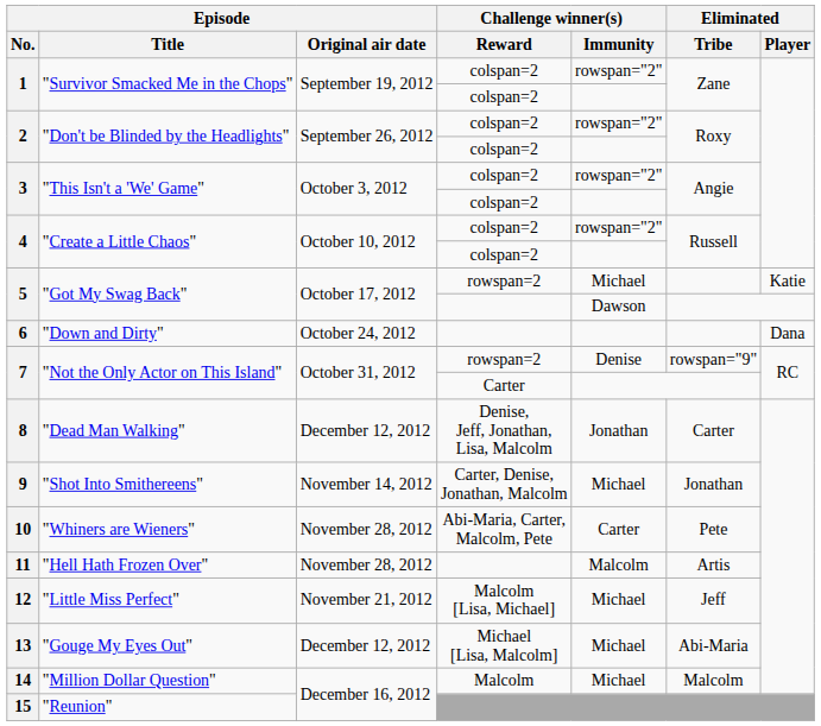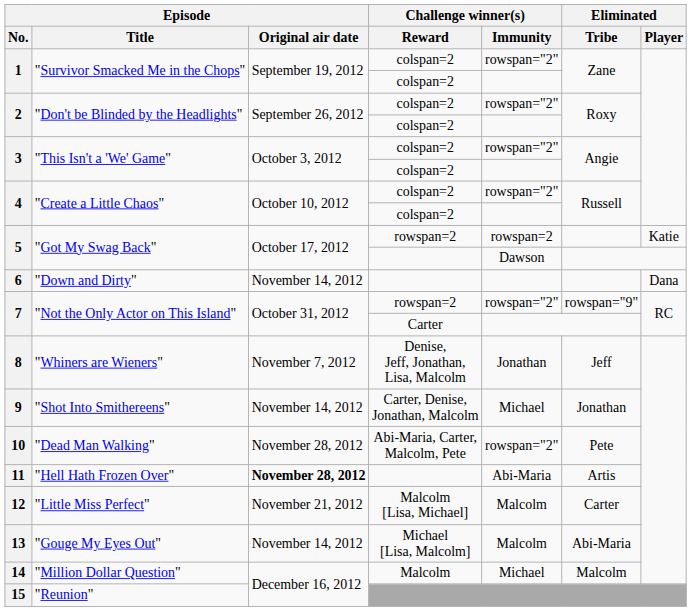 <table class="wikitable" style="margin:auto; text-align:center">
 <tr>
 <th colspan=3>Episode</th>
 <th colspan=2>Challenge winner(s)</th>
 <th colspan="2">Eliminated</th>
 </tr>
 <tr>
 <th>No.</th>
 <th>Title</th>
 <th>Original air date</th>
 <th>Reward</th>
 <th>Immunity</th>
 <th>Tribe</th>
 <th>Player</th>
 </tr>
 <tr>
 <th rowspan="2">1</th>
 <td rowspan="2" style="text-align:left;">"<a href='#'>Survivor Smacked Me in the Chops</a>"</td>
 <td rowspan="2" style="text-align:left;">September 19, 2012</td>
 <td>colspan=2 </td>
 <td>rowspan="2" </td>
 <td rowspan=2>Zane</td>
 </tr>
 <tr>
 <td>colspan=2 </td>
 </tr>
 <tr>
 <th rowspan="2">2</th>
 <td rowspan="2" style="text-align:left;">"<a href='#'>Don't be Blinded by the Headlights</a>"</td>
 <td rowspan="2" style="text-align:left;">September 26, 2012</td>
 <td>colspan=2 </td>
 <td>rowspan="2" </td>
 <td rowspan=2>Roxy</td>
 </tr>
 <tr>
 <td>colspan=2 </td>
 </tr>
 <tr>
 <th rowspan="2">3</th>
 <td rowspan="2" style="text-align:left;">"<a href='#'>This Isn't a 'We' Game</a>"</td>
 <td rowspan="2" style="text-align:left;">October 3, 2012</td>
 <td>colspan=2 </td>
 <td>rowspan="2" </td>
 <td rowspan=2>Angie</td>
 </tr>
 <tr>
 <td>colspan=2 </td>
 </tr>
 <tr>
 <th rowspan="2">4</th>
 <td rowspan="2" style="text-align:left;">"<a href='#'>Create a Little Chaos</a>"</td>
 <td rowspan="2" style="text-align:left;">October 10, 2012</td>
 <td>colspan=2 </td>
 <td>rowspan="2" </td>
 <td rowspan=2>Russell</td>
 </tr>
 <tr>
 <td>colspan=2 </td>
 </tr>
 <tr>
 <th rowspan="2">5</th>
 <td rowspan="2" style="text-align:left;">"<a href='#'>Got My Swag Back</a>"</td>
 <td rowspan="2" style="text-align:left;">October 17, 2012</td>
 <td>rowspan=2 </td>
-<td>Michael</td>
+<td>rowspan=2 </td>
 <td></td>
 <td>Katie</td>
 </tr>
 <tr>
 <td></td>
 <td>Dawson</td>
 </tr>
 <tr>
 <th>6</th>
 <td align="left">"<a href='#'>Down and Dirty</a>"</td>
-<td align="left">October 24, 2012</td>
+<td align="left">November 14, 2012</td>
 <td></td>
 <td></td>
 <td></td>
 <td>Dana</td>
 </tr>
 <tr>
 <th rowspan="2">7</th>
 <td rowspan="2" style="text-align:left;">"<a href='#'>Not the Only Actor on This Island</a>"</td>
 <td rowspan="2" style="text-align:left;">October 31, 2012</td>
 <td>rowspan=2 </td>
-<td>Denise</td>
+<td>rowspan="2" </td>
 <td>rowspan="9" </td>
 <td rowspan=2>RC</td>
 </tr>
 <tr>
 <td>Carter</td>
 </tr>
 <tr>
 <th>8</th>
-<td align="left">"<a href='#'>Dead Man Walking</a>"</td>
-<td align="left">December 12, 2012</td>
+<td align="left">"<a href='#'>Whiners are Wieners</a>"</td>
+<td align="left">November 7, 2012</td>
 <td>Denise,<br>Jeff, Jonathan,<br>Lisa, Malcolm</td>
 <td>Jonathan</td>
-<td>Carter</td>
+<td>Jeff</td>
 </tr>
 <tr>
 <th>9</th>
 <td align="left">"<a href='#'>Shot Into Smithereens</a>"</td>
 <td align="left">November 14, 2012</td>
 <td>Carter, Denise,<br>Jonathan, Malcolm</td>
 <td>Michael</td>
 <td>Jonathan</td>
 </tr>
 <tr>
 <th>10</th>
-<td align="left">"<a href='#'>Whiners are Wieners</a>"</td>
+<td align="left">"<a href='#'>Dead Man Walking</a>"</td>
 <td align="left">November 28, 2012</td>
 <td>Abi-Maria, Carter,<br>Malcolm, Pete</td>
-<td>Carter</td>
+<td>rowspan="2" </td>
 <td>Pete</td>
 </tr>
 <tr>
 <th>11</th>
 <td align="left">"<a href='#'>Hell Hath Frozen Over</a>"</td>
-<td align="left">November 28, 2012</td>
+<td align="left"><strong>November 28, 2012</strong></td>
 <td></td>
-<td>Malcolm</td>
+<td>Abi-Maria</td>
 <td>Artis</td>
 </tr>
 <tr>
 <th>12</th>
 <td align="left">"<a href='#'>Little Miss Perfect</a>"</td>
 <td align="left">November 21, 2012</td>
 <td>Malcolm<br>[Lisa, Michael]</td>
-<td>Michael</td>
-<td>Jeff</td>
+<td>Malcolm</td>
+<td>Carter</td>
 </tr>
 <tr>
 <th>13</th>
 <td align="left">"<a href='#'>Gouge My Eyes Out</a>"</td>
-<td align="left">December 12, 2012</td>
+<td align="left">November 14, 2012</td>
 <td>Michael<br>[Lisa, Malcolm]</td>
-<td>Michael</td>
+<td>Malcolm</td>
 <td>Abi-Maria</td>
 </tr>
 <tr>
 <th>14</th>
 <td align="left">"<a href='#'>Million Dollar Question</a>"</td>
 <td rowspan="2" align="left">December 16, 2012</td>
 <td>Malcolm</td>
 <td>Michael</td>
 <td>Malcolm</td>
 </tr>
 <tr>
 <th>15</th>
 <td style="text-align:left;">"<a href='#'>Reunion</a>"</td>
 <td colspan="4" style="background:darkgrey;"></td>
 </tr>
 </table>
